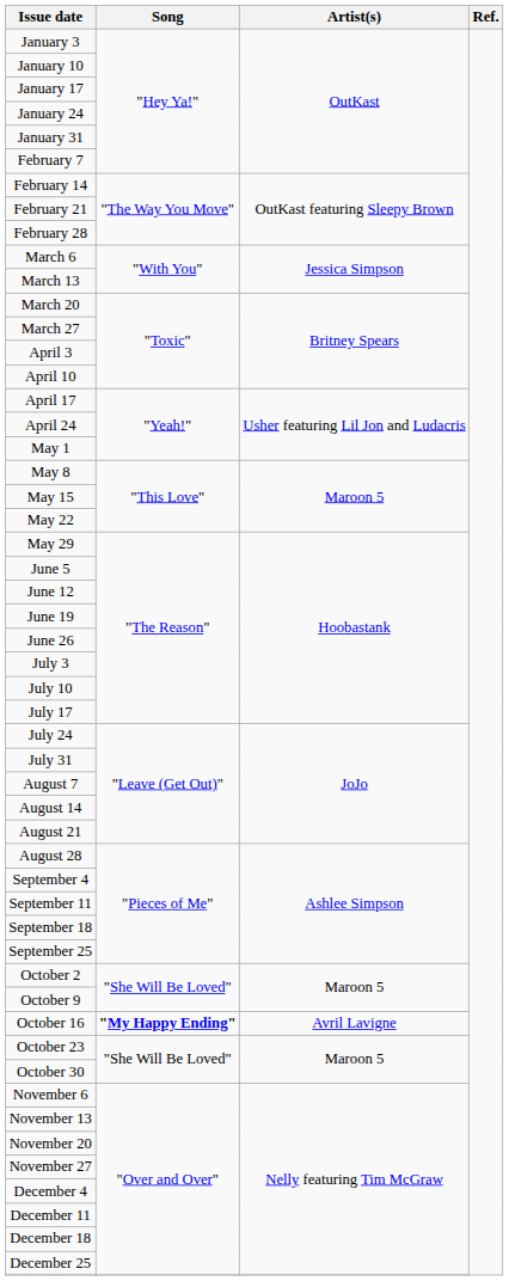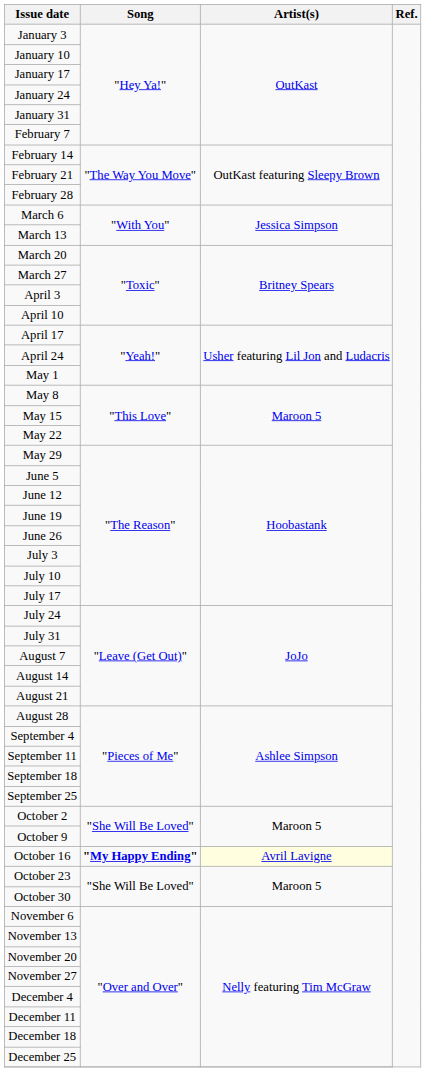 <table class="wikitable" style="text-align: center;">
 <tr>
 <th>Issue date</th>
 <th>Song</th>
 <th>Artist(s)</th>
 <th>Ref.</th>
 </tr>
 <tr>
 <td>January 3</td>
 <td rowspan="6">"<a href='#'>Hey Ya!</a>"</td>
 <td rowspan="6"><a href='#'>OutKast</a></td>
 <td rowspan="53"></td>
 </tr>
 <tr>
 <td>January 10</td>
 </tr>
 <tr>
 <td>January 17</td>
 </tr>
 <tr>
 <td>January 24</td>
 </tr>
 <tr>
 <td>January 31</td>
 </tr>
 <tr>
 <td>February 7</td>
 </tr>
 <tr>
 <td>February 14</td>
 <td rowspan="3">"<a href='#'>The Way You Move</a>"</td>
 <td rowspan="3">OutKast featuring <a href='#'>Sleepy Brown</a></td>
 </tr>
 <tr>
 <td>February 21</td>
 </tr>
 <tr>
 <td>February 28</td>
 </tr>
 <tr>
 <td>March 6</td>
 <td rowspan="2">"<a href='#'>With You</a>"</td>
 <td rowspan="2"><a href='#'>Jessica Simpson</a></td>
 </tr>
 <tr>
 <td>March 13</td>
 </tr>
 <tr>
 <td>March 20</td>
 <td rowspan="4">"<a href='#'>Toxic</a>"</td>
 <td rowspan="4"><a href='#'>Britney Spears</a></td>
 </tr>
 <tr>
 <td>March 27</td>
 </tr>
 <tr>
 <td>April 3</td>
 </tr>
 <tr>
 <td>April 10</td>
 </tr>
 <tr>
 <td>April 17</td>
 <td rowspan="3">"<a href='#'>Yeah!</a>"</td>
 <td rowspan="3"><a href='#'>Usher</a> featuring <a href='#'>Lil Jon</a> and <a href='#'>Ludacris</a></td>
 </tr>
 <tr>
 <td>April 24</td>
 </tr>
 <tr>
 <td>May 1</td>
 </tr>
 <tr>
 <td>May 8</td>
 <td rowspan="3">"<a href='#'>This Love</a>"</td>
 <td rowspan="3"><a href='#'>Maroon 5</a></td>
 </tr>
 <tr>
 <td>May 15</td>
 </tr>
 <tr>
 <td>May 22</td>
 </tr>
 <tr>
 <td>May 29</td>
 <td rowspan="8">"<a href='#'>The Reason</a>"</td>
 <td rowspan="8"><a href='#'>Hoobastank</a></td>
 </tr>
 <tr>
 <td>June 5</td>
 </tr>
 <tr>
 <td>June 12</td>
 </tr>
 <tr>
 <td>June 19</td>
 </tr>
 <tr>
 <td>June 26</td>
 </tr>
 <tr>
 <td>July 3</td>
 </tr>
 <tr>
 <td>July 10</td>
 </tr>
 <tr>
 <td>July 17</td>
 </tr>
 <tr>
 <td>July 24</td>
 <td rowspan="5">"<a href='#'>Leave (Get Out)</a>"</td>
 <td rowspan="5"><a href='#'>JoJo</a></td>
 </tr>
 <tr>
 <td>July 31</td>
 </tr>
 <tr>
 <td>August 7</td>
 </tr>
 <tr>
 <td>August 14</td>
 </tr>
 <tr>
 <td>August 21</td>
 </tr>
 <tr>
 <td>August 28</td>
 <td rowspan="5">"<a href='#'>Pieces of Me</a>"</td>
 <td rowspan="5"><a href='#'>Ashlee Simpson</a></td>
 </tr>
 <tr>
 <td>September 4</td>
 </tr>
 <tr>
 <td>September 11</td>
 </tr>
 <tr>
 <td>September 18</td>
 </tr>
 <tr>
 <td>September 25</td>
 </tr>
 <tr>
 <td>October 2</td>
 <td rowspan="2">"<a href='#'>She Will Be Loved</a>"</td>
 <td rowspan="2">Maroon 5</td>
 </tr>
 <tr>
 <td>October 9</td>
 </tr>
 <tr>
 <td>October 16</td>
 <td><strong>"<a href='#'>My Happy Ending</a>"</strong></td>
-<td><a href='#'>Avril Lavigne</a></td>
+<td style="background: lightyellow;"><a href='#'>Avril Lavigne</a></td>
 </tr>
 <tr>
 <td>October 23</td>
 <td rowspan="2">"She Will Be Loved"</td>
 <td rowspan="2">Maroon 5</td>
 </tr>
 <tr>
 <td>October 30</td>
 </tr>
 <tr>
 <td>November 6</td>
 <td rowspan="8">"<a href='#'>Over and Over</a>"</td>
 <td rowspan="8"><a href='#'>Nelly</a> featuring <a href='#'>Tim McGraw</a></td>
 </tr>
 <tr>
 <td>November 13</td>
 </tr>
 <tr>
 <td>November 20</td>
 </tr>
 <tr>
 <td>November 27</td>
 </tr>
 <tr>
 <td>December 4</td>
 </tr>
 <tr>
 <td>December 11</td>
 </tr>
 <tr>
 <td>December 18</td>
 </tr>
 <tr>
 <td>December 25</td>
 </tr>
 <tr>
 </tr>
 </table>
